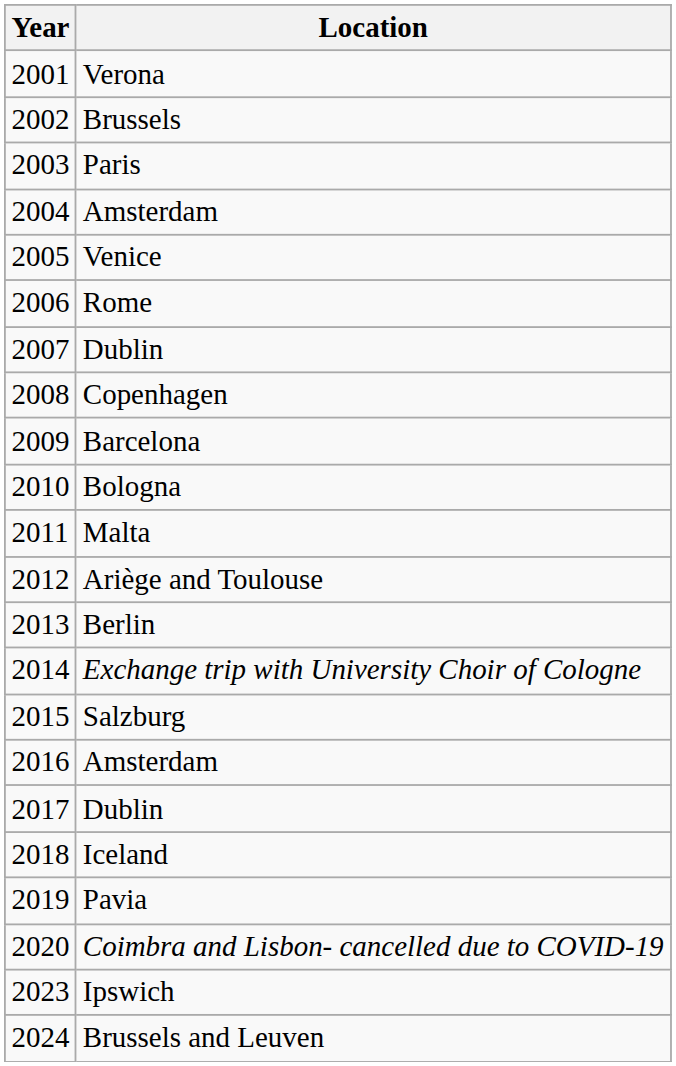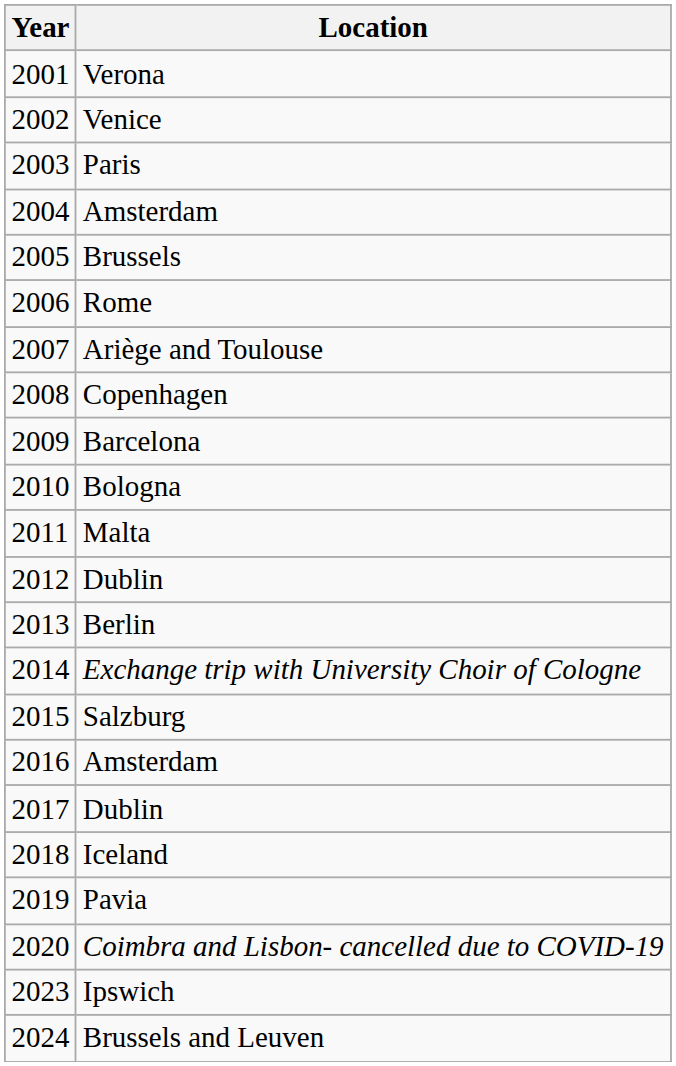 <table class="wikitable">
 <tr>
 <th>Year</th>
 <th>Location</th>
 </tr>
 <tr>
 <td>2001</td>
 <td>Verona</td>
 </tr>
 <tr>
 <td>2002</td>
-<td>Brussels</td>
+<td>Venice</td>
 </tr>
 <tr>
 <td>2003</td>
 <td>Paris</td>
 </tr>
 <tr>
 <td>2004</td>
 <td>Amsterdam</td>
 </tr>
 <tr>
 <td>2005</td>
-<td>Venice</td>
+<td>Brussels</td>
 </tr>
 <tr>
 <td>2006</td>
 <td>Rome</td>
 </tr>
 <tr>
 <td>2007</td>
-<td>Dublin</td>
+<td>Ariège and Toulouse</td>
 </tr>
 <tr>
 <td>2008</td>
 <td>Copenhagen</td>
 </tr>
 <tr>
 <td>2009</td>
 <td>Barcelona</td>
 </tr>
 <tr>
 <td>2010</td>
 <td>Bologna</td>
 </tr>
 <tr>
 <td>2011</td>
 <td>Malta</td>
 </tr>
 <tr>
 <td>2012</td>
-<td>Ariège and Toulouse</td>
+<td>Dublin</td>
 </tr>
 <tr>
 <td>2013</td>
 <td>Berlin</td>
 </tr>
 <tr>
 <td>2014</td>
 <td><em>Exchange trip with University Choir of Cologne</em></td>
 </tr>
 <tr>
 <td>2015</td>
 <td>Salzburg</td>
 </tr>
 <tr>
 <td>2016</td>
 <td>Amsterdam</td>
 </tr>
 <tr>
 <td>2017</td>
 <td>Dublin</td>
 </tr>
 <tr>
 <td>2018</td>
 <td>Iceland</td>
 </tr>
 <tr>
 <td>2019</td>
 <td>Pavia</td>
 </tr>
 <tr>
 <td>2020</td>
 <td><em>Coimbra and Lisbon- cancelled due to COVID-19</em></td>
 </tr>
 <tr>
 <td>2023</td>
 <td>Ipswich</td>
 </tr>
 <tr>
 <td>2024</td>
 <td>Brussels and Leuven</td>
 </tr>
 </table>
